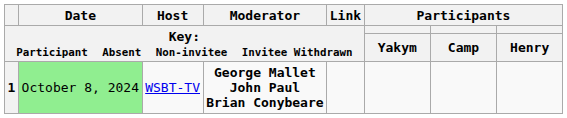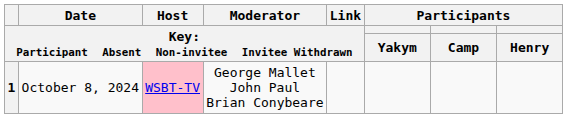 <table class="wikitable" style="text-align:center;">
 <tr>
 <th scope="col"></th>
 <th scope="col">Date</th>
 <th scope="col">Host</th>
 <th scope="col">Moderator</th>
 <th scope="col">Link</th>
 <th colspan="8" scope="col">Participants</th>
 </tr>
 <tr>
 <th colspan="5" rowspan="2">Key:<br> <small>Participant </small>  <small>Absent </small>  <small>Non-invitee </small>  <small>Invitee  Withdrawn</small></th>
 <th scope="col" style="background:"></th>
 <th scope="col" style="background:"></th>
 <th scope="col" style="background:"></th>
 </tr>
 <tr>
 <th scope="col" style="width:60px;">Yakym</th>
 <th scope="col" style="width:60px;">Camp</th>
 <th scope="col" style="width:60px;">Henry</th>
 </tr>
 <tr>
 <th scope="row">1</th>
-<td style="background: lightgreen; white-space:nowrap;">October 8, 2024</td>
-<td style="white-space:nowrap;"><a href='#'>WSBT-TV</a></td>
-<td style="white-space:nowrap;"><strong>George Mallet<br>John Paul<br>Brian Conybeare</strong></td>
+<td style="white-space:nowrap;">October 8, 2024</td>
+<td style="background: pink; white-space:nowrap;"><a href='#'>WSBT-TV</a></td>
+<td style="white-space:nowrap;">George Mallet<br>John Paul<br>Brian Conybeare</td>
 <td style="white-space:nowrap;"></td>
 <td></td>
 <td></td>
 <td></td>
 </tr>
 </table>
